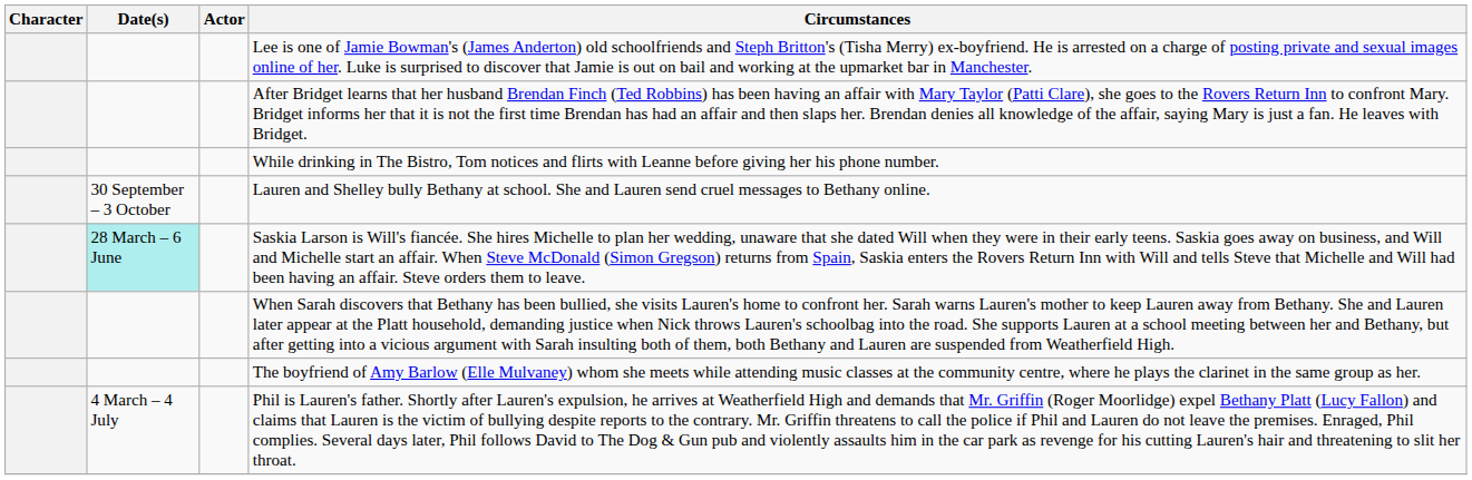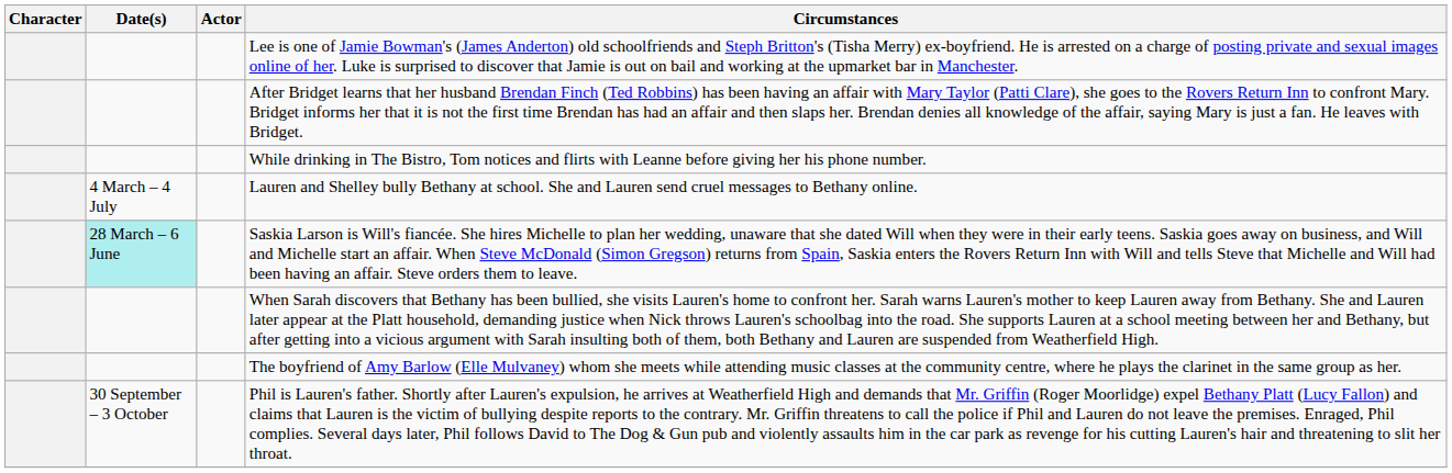 <table class="wikitable plainrowheaders" style="font-size:90%">
 <tr>
 <th scope="col">Character</th>
 <th scope="col">Date(s)</th>
 <th scope="col">Actor</th>
 <th scope="col">Circumstances</th>
 </tr>
 <tr valign="top">
 <th scope="row"></th>
 <td></td>
 <td></td>
 <td>Lee is one of <a href='#'>Jamie Bowman</a>'s (<a href='#'>James Anderton</a>) old schoolfriends and <a href='#'>Steph Britton</a>'s (Tisha Merry) ex-boyfriend. He is arrested on a charge of <a href='#'>posting private and sexual images online of her</a>. Luke is surprised to discover that Jamie is out on bail and working at the upmarket bar in <a href='#'>Manchester</a>.</td>
 </tr>
 <tr valign="top">
 <th scope="row"></th>
 <td></td>
 <td></td>
 <td>After Bridget learns that her husband <a href='#'>Brendan Finch</a> (<a href='#'>Ted Robbins</a>) has been having an affair with <a href='#'>Mary Taylor</a> (<a href='#'>Patti Clare</a>), she goes to the <a href='#'>Rovers Return Inn</a> to confront Mary. Bridget informs her that it is not the first time Brendan has had an affair and then slaps her. Brendan denies all knowledge of the affair, saying Mary is just a fan. He leaves with Bridget.</td>
 </tr>
 <tr valign="top">
 <th scope="row"></th>
 <td></td>
 <td></td>
 <td>While drinking in The Bistro, Tom notices and flirts with Leanne before giving her his phone number.</td>
 </tr>
 <tr valign="top">
 <th scope="row"></th>
-<td rows pan="2">30 September – 3 October</td>
+<td>4 March – 4 July</td>
 <td></td>
 <td>Lauren and Shelley bully Bethany at school. She and Lauren send cruel messages to Bethany online.</td>
 </tr>
 <tr valign="top">
 <th scope="row"></th>
 <td style="background: paleturquoise;">28 March – 6 June</td>
 <td></td>
 <td>Saskia Larson is Will's fiancée. She hires Michelle to plan her wedding, unaware that she dated Will when they were in their early teens. Saskia goes away on business, and Will and Michelle start an affair. When <a href='#'>Steve McDonald</a> (<a href='#'>Simon Gregson</a>) returns from <a href='#'>Spain</a>, Saskia enters the Rovers Return Inn with Will and tells Steve that Michelle and Will had been having an affair. Steve orders them to leave.</td>
 </tr>
 <tr valign="top">
 <th scope="row"></th>
 <td></td>
 <td></td>
 <td>When Sarah discovers that Bethany has been bullied, she visits Lauren's home to confront her. Sarah warns Lauren's mother to keep Lauren away from Bethany. She and Lauren later appear at the Platt household, demanding justice when Nick throws Lauren's schoolbag into the road. She supports Lauren at a school meeting between her and Bethany, but after getting into a vicious argument with Sarah insulting both of them, both Bethany and Lauren are suspended from Weatherfield High.</td>
 </tr>
 <tr valign="top">
 <th scope="row"></th>
 <td></td>
 <td></td>
 <td>The boyfriend of <a href='#'>Amy Barlow</a> (<a href='#'>Elle Mulvaney</a>) whom she meets while attending music classes at the community centre, where he plays the clarinet in the same group as her.</td>
 </tr>
 <tr valign="top">
 <th scope="row"></th>
-<td>4 March – 4 July</td>
+<td rows pan="2">30 September – 3 October</td>
 <td></td>
 <td>Phil is Lauren's father. Shortly after Lauren's expulsion, he arrives at Weatherfield High and demands that <a href='#'>Mr. Griffin</a> (Roger Moorlidge) expel <a href='#'>Bethany Platt</a> (<a href='#'>Lucy Fallon</a>) and claims that Lauren is the victim of bullying despite reports to the contrary. Mr. Griffin threatens to call the police if Phil and Lauren do not leave the premises. Enraged, Phil complies. Several days later, Phil follows David to The Dog & Gun pub and violently assaults him in the car park as revenge for his cutting Lauren's hair and threatening to slit her throat.</td>
 </tr>
 <tr>
 </tr>
 </table>
